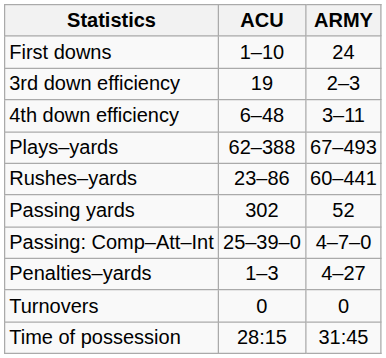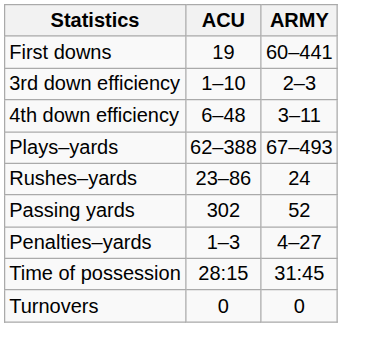 <table class="wikitable">
 <tr>
 <th>Statistics</th>
 <th>ACU</th>
 <th>ARMY</th>
 </tr>
 <tr>
 <td>First downs</td>
-<td align=center>1–10</td>
-<td align=center>24</td>
+<td align=center>19</td>
+<td align=center>60–441</td>
 </tr>
 <tr>
 <td>3rd down efficiency</td>
-<td align=center>19</td>
+<td align=center>1–10</td>
 <td align=center>2–3</td>
 </tr>
 <tr>
 <td>4th down efficiency</td>
 <td align=center>6–48</td>
 <td align=center>3–11</td>
 </tr>
 <tr>
 <td>Plays–yards</td>
 <td align=center>62–388</td>
 <td align=center>67–493</td>
 </tr>
 <tr>
 <td>Rushes–yards</td>
 <td align=center>23–86</td>
-<td align=center>60–441</td>
+<td align=center>24</td>
 </tr>
 <tr>
 <td>Passing yards</td>
 <td align=center>302</td>
 <td align=center>52</td>
 </tr>
 <tr>
-<td>Passing: Comp–Att–Int</td>
-<td align=center>25–39–0</td>
-<td align=center>4–7–0</td>
-</tr>
-<tr>
 <td>Penalties–yards</td>
 <td align=center>1–3</td>
 <td align=center>4–27</td>
+</tr>
+<tr>
+<td>Time of possession</td>
+<td align=center>28:15</td>
+<td align=center>31:45</td>
 </tr>
 <tr>
 <td>Turnovers</td>
 <td align=center>0</td>
 <td align=center>0</td>
 </tr>
-<tr>
-<td>Time of possession</td>
-<td align=center>28:15</td>
-<td align=center>31:45</td>
-</tr>
 </table>
